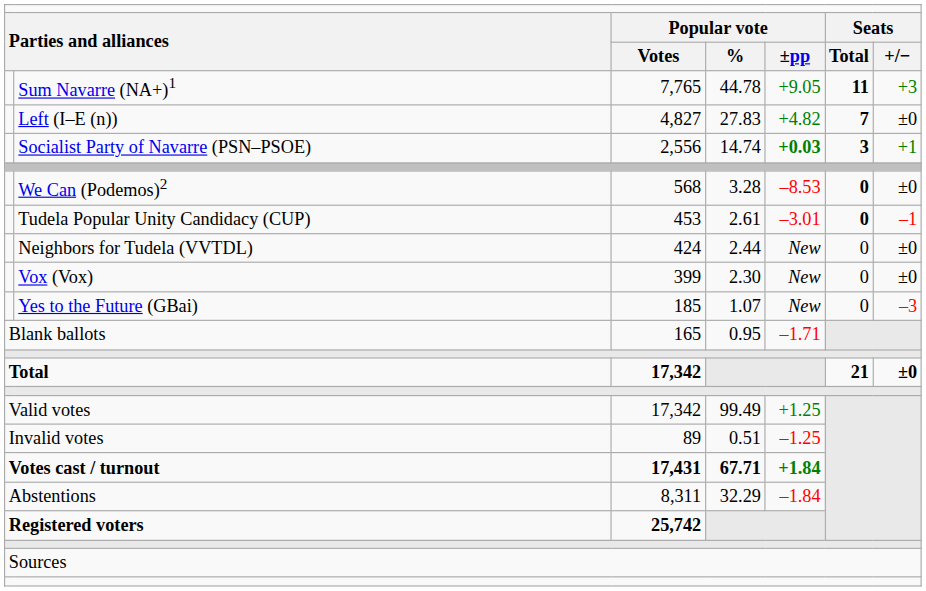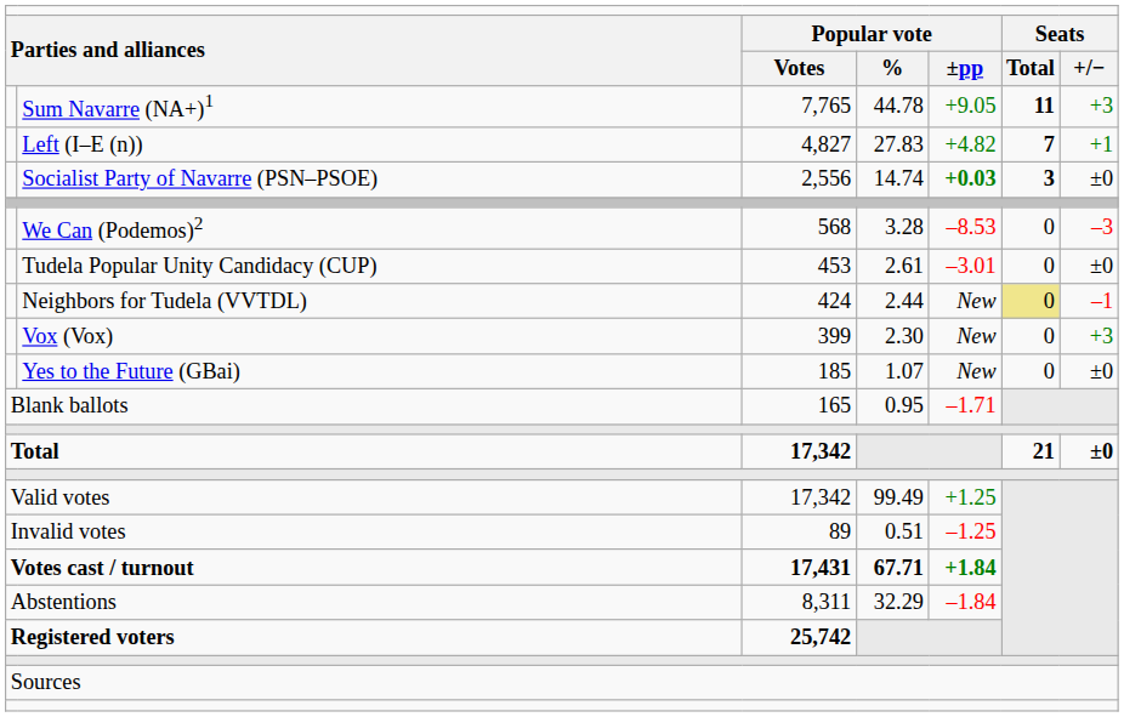 <table class="wikitable" style="text-align:right;">
 <tr>
 <td colspan="7"></td>
 </tr>
 <tr>
 <th style="text-align:left;" rowspan="2" colspan="2" width="525">Parties and alliances</th>
 <th colspan="3">Popular vote</th>
 <th colspan="2">Seats</th>
 </tr>
 <tr>
 <th width="75">Votes</th>
 <th width="45">%</th>
 <th width="45">±<a href='#'>pp</a></th>
 <th width="35">Total</th>
 <th width="35">+/−</th>
 </tr>
 <tr>
 <td width="1" style="color:inherit;background:"></td>
 <td align="left"><a href='#'>Sum Navarre</a> (NA+)<sup>1</sup></td>
 <td>7,765</td>
 <td>44.78</td>
 <td style="color:green;">+9.05</td>
 <td><strong>11</strong></td>
 <td style="color:green;">+3</td>
 </tr>
 <tr>
 <td style="color:inherit;background:"></td>
 <td align="left"><a href='#'>Left</a> (I–E (n))</td>
 <td>4,827</td>
 <td>27.83</td>
 <td style="color:green;">+4.82</td>
 <td><strong>7</strong></td>
-<td>±0</td>
+<td style="color:green;">+1</td>
 </tr>
 <tr>
 <td style="color:inherit;background:"></td>
 <td align="left"><a href='#'>Socialist Party of Navarre</a> (PSN–PSOE)</td>
 <td>2,556</td>
 <td>14.74</td>
 <td style="color:green;"><strong>+0.03</strong></td>
 <td><strong>3</strong></td>
-<td style="color:green;">+1</td>
+<td>±0</td>
 </tr>
 <tr>
 <td colspan="7" bgcolor="#C0C0C0"></td>
 </tr>
 <tr>
 <td style="color:inherit;background:"></td>
 <td align="left"><a href='#'>We Can</a> (Podemos)<sup>2</sup></td>
 <td>568</td>
 <td>3.28</td>
 <td style="color:red;">–8.53</td>
-<td><strong>0</strong></td>
-<td>±0</td>
+<td>0</td>
+<td style="color:red;">–3</td>
 </tr>
 <tr>
 <td style="color:inherit;background:"></td>
 <td align="left">Tudela Popular Unity Candidacy (CUP)</td>
 <td>453</td>
 <td>2.61</td>
 <td style="color:red;">–3.01</td>
-<td><strong>0</strong></td>
-<td style="color:red;">–1</td>
+<td>0</td>
+<td>±0</td>
 </tr>
 <tr>
 <td style="color:inherit;background:"></td>
 <td align="left">Neighbors for Tudela (VVTDL)</td>
 <td>424</td>
 <td>2.44</td>
 <td><em>New</em></td>
-<td>0</td>
-<td>±0</td>
+<td style="background: khaki;">0</td>
+<td style="color:red;">–1</td>
 </tr>
 <tr>
 <td style="color:inherit;background:"></td>
 <td align="left"><a href='#'>Vox</a> (Vox)</td>
 <td>399</td>
 <td>2.30</td>
 <td><em>New</em></td>
 <td>0</td>
-<td>±0</td>
+<td style="color:green;">+3</td>
 </tr>
 <tr>
 <td style="color:inherit;background:"></td>
 <td align="left"><a href='#'>Yes to the Future</a> (GBai)</td>
 <td>185</td>
 <td>1.07</td>
 <td><em>New</em></td>
 <td>0</td>
-<td style="color:red;">–3</td>
+<td>±0</td>
 </tr>
 <tr>
 <td align="left" colspan="2">Blank ballots</td>
 <td>165</td>
 <td>0.95</td>
 <td style="color:red;">–1.71</td>
 <td bgcolor="#E9E9E9" colspan="2"></td>
 </tr>
 <tr>
 <td colspan="7" bgcolor="#E9E9E9"></td>
 </tr>
 <tr style="font-weight:bold;">
 <td align="left" colspan="2">Total</td>
 <td>17,342</td>
 <td bgcolor="#E9E9E9" colspan="2"></td>
 <td>21</td>
 <td>±0</td>
 </tr>
 <tr>
 <td colspan="7" bgcolor="#E9E9E9"></td>
 </tr>
 <tr>
 <td align="left" colspan="2">Valid votes</td>
 <td>17,342</td>
 <td>99.49</td>
 <td style="color:green;">+1.25</td>
 <td bgcolor="#E9E9E9" colspan="2" rowspan="5"></td>
 </tr>
 <tr>
 <td align="left" colspan="2">Invalid votes</td>
 <td>89</td>
 <td>0.51</td>
 <td style="color:red;">–1.25</td>
 </tr>
 <tr style="font-weight:bold;">
 <td align="left" colspan="2">Votes cast / turnout</td>
 <td>17,431</td>
 <td>67.71</td>
 <td style="color:green;">+1.84</td>
 </tr>
 <tr>
 <td align="left" colspan="2">Abstentions</td>
 <td>8,311</td>
 <td>32.29</td>
 <td style="color:red;">–1.84</td>
 </tr>
 <tr style="font-weight:bold;">
 <td align="left" colspan="2">Registered voters</td>
 <td>25,742</td>
 <td bgcolor="#E9E9E9" colspan="2"></td>
 </tr>
 <tr>
 <td colspan="7" bgcolor="#E9E9E9"></td>
 </tr>
 <tr>
 <td align="left" colspan="7">Sources</td>
 </tr>
 <tr>
 <td colspan="7" style="text-align:left; max-width:790px;"></td>
 </tr>
 </table>
